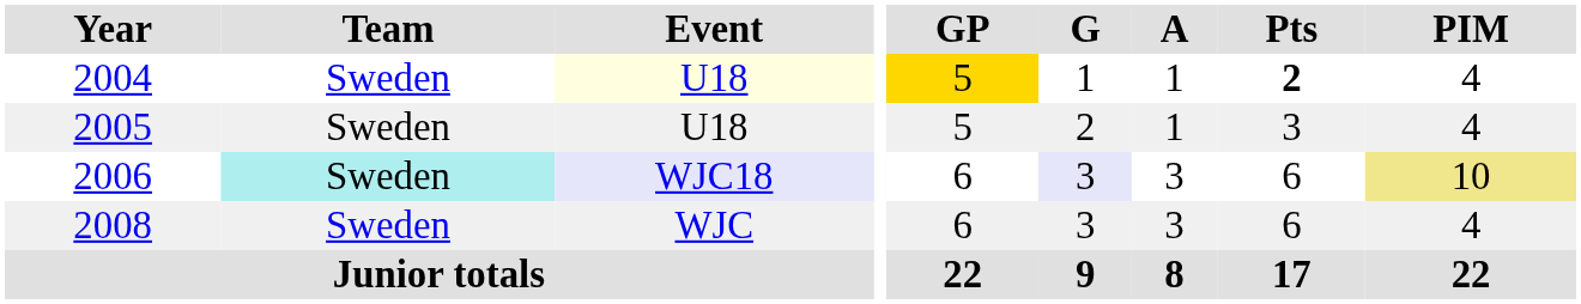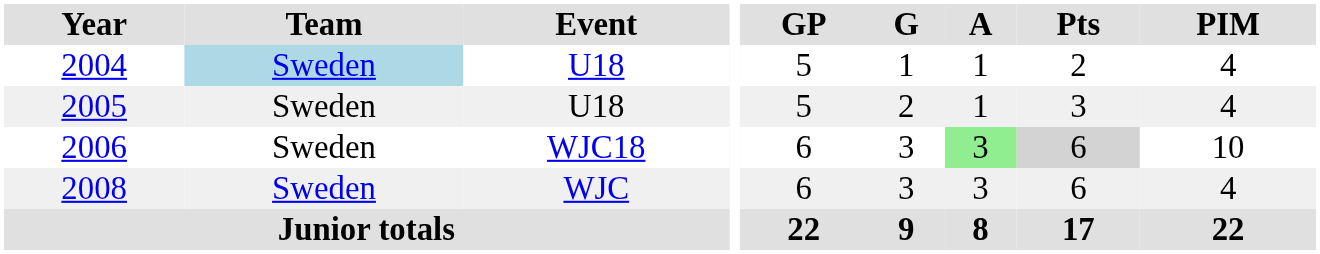 <table border="0" cellpadding="1" cellspacing="0" ID="Table3" style="text-align:center; width:40em">
 <tr ALIGN="center" bgcolor="#e0e0e0">
 <th>Year</th>
 <th>Team</th>
 <th>Event</th>
 <th rowspan="99" bgcolor="#ffffff"></th>
 <th>GP</th>
 <th>G</th>
 <th>A</th>
 <th>Pts</th>
 <th>PIM</th>
 </tr>
 <tr>
 <td><a href='#'>2004</a></td>
-<td><a href='#'>Sweden</a></td>
-<td style="background: lightyellow;"><a href='#'>U18</a></td>
-<td style="background: gold;">5</td>
+<td style="background: lightblue;"><a href='#'>Sweden</a></td>
+<td><a href='#'>U18</a></td>
+<td>5</td>
 <td>1</td>
 <td>1</td>
-<td><strong>2</strong></td>
+<td>2</td>
 <td>4</td>
 </tr>
 <tr bgcolor="#f0f0f0">
 <td><a href='#'>2005</a></td>
 <td>Sweden</td>
 <td>U18</td>
 <td>5</td>
 <td>2</td>
 <td>1</td>
 <td>3</td>
 <td>4</td>
 </tr>
 <tr>
 <td><a href='#'>2006</a></td>
-<td style="background: paleturquoise;">Sweden</td>
-<td style="background: lavender;"><a href='#'>WJC18</a></td>
+<td>Sweden</td>
+<td><a href='#'>WJC18</a></td>
 <td>6</td>
-<td style="background: lavender;">3</td>
 <td>3</td>
-<td>6</td>
-<td style="background: khaki;">10</td>
+<td style="background: lightgreen;">3</td>
+<td style="background: lightgrey;">6</td>
+<td>10</td>
 </tr>
 <tr bgcolor="#f0f0f0">
 <td><a href='#'>2008</a></td>
 <td><a href='#'>Sweden</a></td>
 <td><a href='#'>WJC</a></td>
 <td>6</td>
 <td>3</td>
 <td>3</td>
 <td>6</td>
 <td>4</td>
 </tr>
 <tr bgcolor="#e0e0e0">
 <th colspan="3">Junior totals</th>
 <th>22</th>
 <th>9</th>
 <th>8</th>
 <th>17</th>
 <th>22</th>
 </tr>
 </table>
